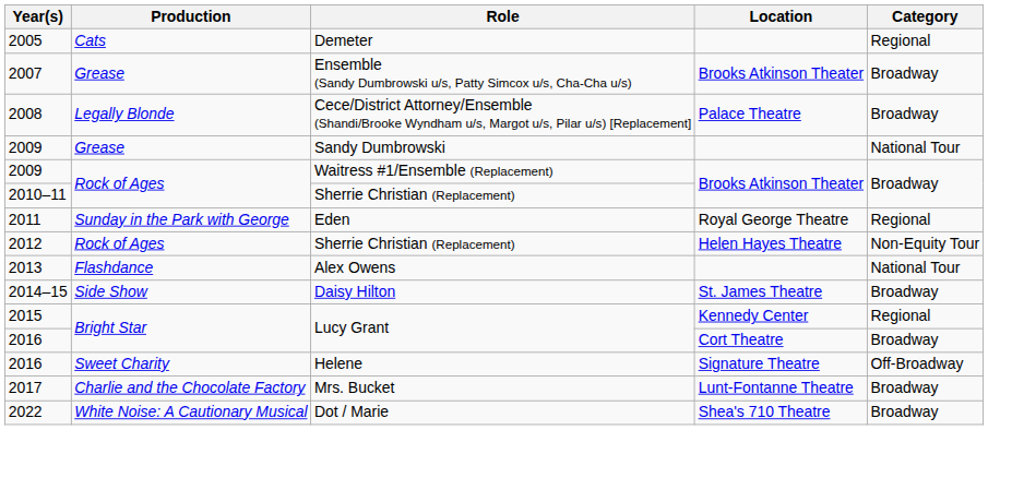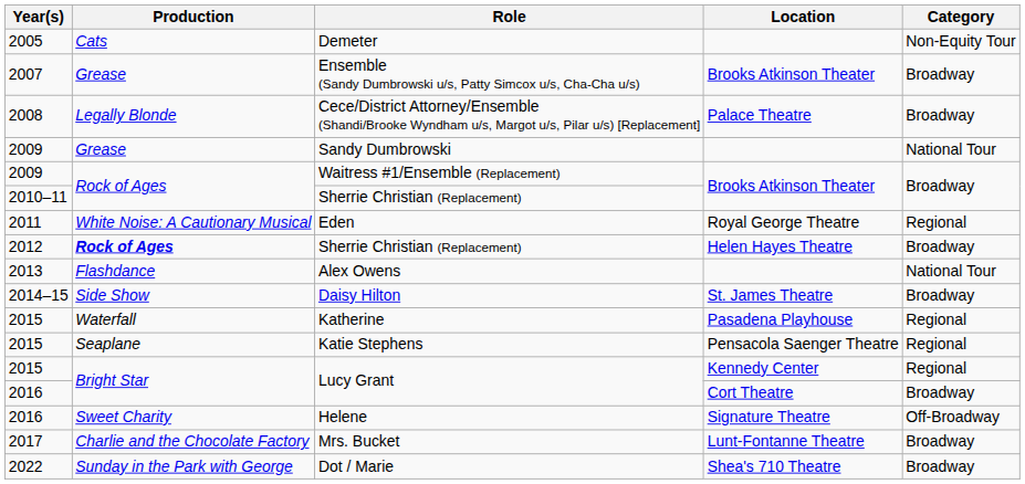 <table class="wikitable sortable">
 <tr>
 <th>Year(s)</th>
 <th>Production</th>
 <th>Role</th>
 <th>Location</th>
 <th>Category</th>
 </tr>
 <tr>
 <td>2005</td>
 <td><em><a href='#'>Cats</a></em></td>
 <td>Demeter</td>
 <td></td>
-<td>Regional</td>
+<td>Non-Equity Tour</td>
 </tr>
 <tr>
 <td>2007</td>
 <td><em><a href='#'>Grease</a></em></td>
 <td>Ensemble<br><small>(Sandy Dumbrowski u/s, Patty Simcox u/s, Cha-Cha u/s)</small></td>
 <td><a href='#'>Brooks Atkinson Theater</a></td>
 <td>Broadway</td>
 </tr>
 <tr>
 <td>2008</td>
 <td><em><a href='#'>Legally Blonde</a></em></td>
 <td>Cece/District Attorney/Ensemble<br><small>(Shandi/Brooke Wyndham u/s, Margot u/s, Pilar u/s)  [Replacement]</small></td>
 <td><a href='#'>Palace Theatre</a></td>
 <td>Broadway</td>
 </tr>
 <tr>
 <td>2009</td>
 <td><em><a href='#'>Grease</a></em></td>
 <td>Sandy Dumbrowski</td>
 <td></td>
 <td>National Tour</td>
 </tr>
 <tr>
 <td>2009</td>
 <td rowspan="2"><em><a href='#'>Rock of Ages</a></em></td>
 <td>Waitress #1/Ensemble <small> (Replacement) </small></td>
 <td rowspan="2"><a href='#'>Brooks Atkinson Theater</a></td>
 <td rowspan="2">Broadway</td>
 </tr>
 <tr>
 <td>2010–11</td>
 <td>Sherrie Christian <small> (Replacement) </small></td>
 </tr>
 <tr>
 <td>2011</td>
-<td><em><a href='#'>Sunday in the Park with George</a></em></td>
+<td><em><a href='#'>White Noise: A Cautionary Musical</a></em></td>
 <td>Eden</td>
 <td>Royal George Theatre</td>
 <td>Regional</td>
 </tr>
 <tr>
 <td>2012</td>
-<td><em><a href='#'>Rock of Ages</a></em></td>
+<td><strong><em><a href='#'>Rock of Ages</a></em></strong></td>
 <td>Sherrie Christian <small> (Replacement) </small></td>
 <td><a href='#'>Helen Hayes Theatre</a></td>
-<td>Non-Equity Tour</td>
+<td>Broadway</td>
 </tr>
 <tr>
 <td>2013</td>
 <td><em><a href='#'>Flashdance</a></em></td>
 <td>Alex Owens</td>
 <td></td>
 <td>National Tour</td>
 </tr>
 <tr>
 <td>2014–15</td>
 <td><em><a href='#'>Side Show</a></em></td>
 <td><a href='#'>Daisy Hilton</a></td>
 <td><a href='#'>St. James Theatre</a></td>
 <td>Broadway</td>
+</tr>
+<tr>
+<td>2015</td>
+<td><em>Waterfall</em></td>
+<td>Katherine</td>
+<td><a href='#'>Pasadena Playhouse</a></td>
+<td>Regional</td>
+</tr>
+<tr>
+<td>2015</td>
+<td><em>Seaplane</em></td>
+<td>Katie Stephens</td>
+<td>Pensacola Saenger Theatre</td>
+<td>Regional</td>
 </tr>
 <tr>
 <td>2015</td>
 <td rowspan="2"><em><a href='#'>Bright Star</a></em></td>
 <td rowspan="2">Lucy Grant</td>
 <td><a href='#'>Kennedy Center</a></td>
 <td>Regional</td>
 </tr>
 <tr>
 <td>2016</td>
 <td><a href='#'>Cort Theatre</a></td>
 <td>Broadway</td>
 </tr>
 <tr>
 <td>2016</td>
 <td><em><a href='#'>Sweet Charity</a></em></td>
 <td>Helene</td>
 <td><a href='#'>Signature Theatre</a></td>
 <td>Off-Broadway</td>
 </tr>
 <tr>
 <td>2017</td>
 <td><em><a href='#'>Charlie and the Chocolate Factory</a></em></td>
 <td>Mrs. Bucket</td>
 <td><a href='#'>Lunt-Fontanne Theatre</a></td>
 <td>Broadway</td>
 </tr>
 <tr>
 <td>2022</td>
-<td><em><a href='#'>White Noise: A Cautionary Musical</a></em></td>
+<td><em><a href='#'>Sunday in the Park with George</a></em></td>
 <td>Dot / Marie</td>
 <td><a href='#'>Shea's 710 Theatre</a></td>
 <td>Broadway</td>
 </tr>
 </table>
